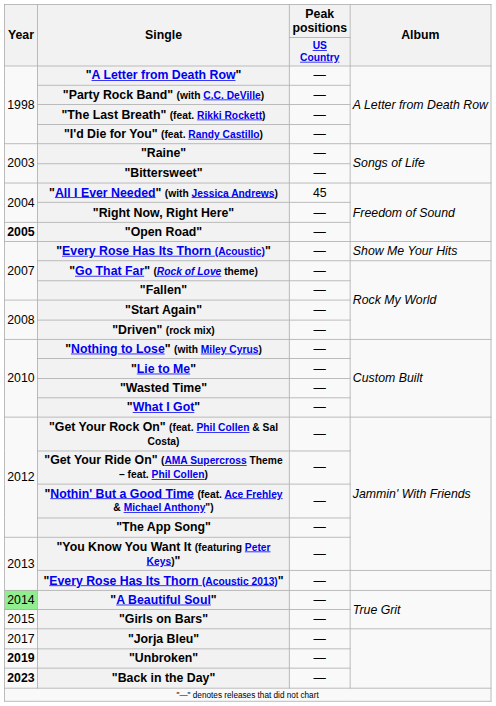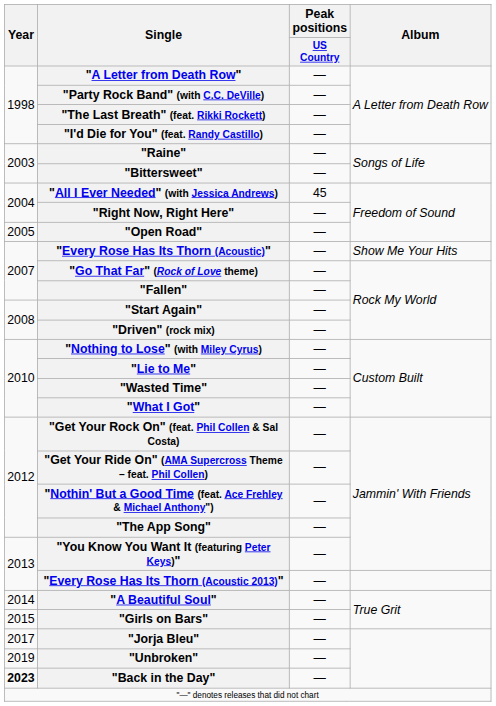 <table class="wikitable plainrowheaders" style="text-align:center">
 <tr>
 <th rowspan="2">Year</th>
 <th rowspan="2" style="width:20em;">Single</th>
 <th>Peak positions</th>
 <th rowspan="2">Album</th>
 </tr>
 <tr style="font-size:smaller">
 <th style="width:65px;"><a href='#'>US Country</a></th>
 </tr>
 <tr>
 <td rowspan="4”">1998</td>
 <th scope="row">"<a href='#'>A Letter from Death Row</a>"</th>
 <td>—</td>
 <td style="text-align:left;" rowspan="4”"><em>A Letter from Death Row</em></td>
 </tr>
 <tr>
 <th scope="row">"Party Rock Band" <small>(with <a href='#'>C.C. DeVille</a>)</small></th>
 <td>—</td>
 </tr>
 <tr>
 <th scope="row">"The Last Breath" <small>(feat. <a href='#'>Rikki Rockett</a>)</small></th>
 <td>—</td>
 </tr>
 <tr>
 <th scope="row">"I'd Die for You" <small>(feat. <a href='#'>Randy Castillo</a>)</small></th>
 <td>—</td>
 </tr>
 <tr>
 <td rowspan="2">2003</td>
 <th scope="row">"Raine"</th>
 <td>—</td>
 <td style="text-align:left;" rowspan="2"><em>Songs of Life</em></td>
 </tr>
 <tr>
 <th scope="row">"Bittersweet"</th>
 <td>—</td>
 </tr>
 <tr>
 <td rowspan="2">2004</td>
 <th scope="row">"<a href='#'>All I Ever Needed</a>" <small>(with <a href='#'>Jessica Andrews</a>)</small></th>
 <td>45</td>
 <td style="text-align:left;" rowspan="3"><em>Freedom of Sound</em></td>
 </tr>
 <tr>
 <th scope="row">"Right Now, Right Here"</th>
 <td>—</td>
 </tr>
 <tr>
-<td><strong>2005</strong></td>
+<td>2005</td>
 <th scope="row">"Open Road"</th>
 <td>—</td>
 </tr>
 <tr>
 <td rowspan="3">2007</td>
 <th scope="row">"<a href='#'>Every Rose Has Its Thorn <small>(Acoustic)</small></a>"</th>
 <td>—</td>
 <td style="text-align:left;"><em>Show Me Your Hits</em></td>
 </tr>
 <tr>
 <th scope="row">"<a href='#'>Go That Far</a>" <small>(<a href='#'><em>Rock of Love</em></a> theme)</small>  </th>
 <td>—</td>
 <td style="text-align:left;" rowspan="4"><em>Rock My World</em></td>
 </tr>
 <tr>
 <th scope="row">"Fallen"</th>
 <td>—</td>
 </tr>
 <tr>
 <td rowspan="2">2008</td>
 <th scope="row">"Start Again"</th>
 <td>—</td>
 </tr>
 <tr>
 <th scope="row">"Driven" <small>(rock mix)</small></th>
 <td>—</td>
 </tr>
 <tr>
 <td rowspan="4">2010</td>
 <th scope="row">"<a href='#'>Nothing to Lose</a>" <small>(with <a href='#'>Miley Cyrus</a>)</small></th>
 <td>—</td>
 <td style="text-align:left;" rowspan="4"><em>Custom Built</em></td>
 </tr>
 <tr>
 <th scope="row">"<a href='#'>Lie to Me</a>"</th>
 <td>—</td>
 </tr>
 <tr>
 <th scope="row">"Wasted Time"</th>
 <td>—</td>
 </tr>
 <tr>
 <th scope="row">"<a href='#'>What I Got</a>"</th>
 <td>—</td>
 </tr>
 <tr>
 <td rowspan="4">2012</td>
 <th scope="row">"Get Your Rock On" <small>(feat. <a href='#'>Phil Collen</a> & Sal Costa)</small></th>
 <td>—</td>
 <td style="text-align:left;" rowspan="5"><em>Jammin' With Friends</em></td>
 </tr>
 <tr>
 <th scope="row">"Get Your Ride On" <small>(<a href='#'>AMA Supercross</a> Theme – feat. <a href='#'>Phil Collen</a>)</small></th>
 <td>—</td>
 </tr>
 <tr>
 <th scope="row">"<a href='#'>Nothin' But a Good Time</a> <small>(feat. <a href='#'>Ace Frehley</a> & <a href='#'>Michael Anthony</a>")</small></th>
 <td>—</td>
 </tr>
 <tr>
 <th scope="row">"The App Song"</th>
 <td>—</td>
 </tr>
 <tr>
 <td rowspan="2">2013</td>
 <th scope="row">"You Know You Want It <small>(featuring <a href='#'>Peter Keys</a>)</small>"</th>
 <td>—</td>
 </tr>
 <tr>
 <th scope="row">"<a href='#'>Every Rose Has Its Thorn <small>(Acoustic 2013)</small></a>"</th>
 <td>—</td>
 <td></td>
 </tr>
 <tr>
-<td rowspan="1" style="background: lightgreen;">2014</td>
+<td rowspan="1">2014</td>
 <th scope="row">"<a href='#'>A Beautiful Soul</a>"</th>
 <td>—</td>
 <td style="text-align:left;" rowspan="2"><em>True Grit</em></td>
 </tr>
 <tr>
 <td rowspan="1">2015</td>
 <th scope="row">"Girls on Bars"</th>
 <td>—</td>
 </tr>
 <tr>
 <td rowspan="1">2017</td>
 <th scope="row">"Jorja Bleu"</th>
 <td>—</td>
 </tr>
 <tr>
-<td rowspan="1"><strong>2019</strong></td>
+<td rowspan="1">2019</td>
 <th scope="row">"Unbroken"</th>
 <td>—</td>
 </tr>
 <tr>
 <td rowspan="1"><strong>2023</strong></td>
 <th scope="row">"Back in the Day"</th>
 <td>—</td>
 </tr>
 <tr>
 <td colspan="4" style="font-size:8pt">"—" denotes releases that did not chart</td>
 </tr>
 </table>
